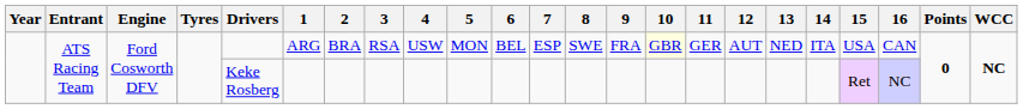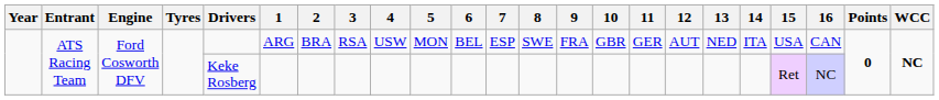 <table class="wikitable" style="text-align:center; font-size:90%">
 <tr>
 <th>Year</th>
 <th>Entrant</th>
 <th>Engine</th>
 <th>Tyres</th>
 <th>Drivers</th>
 <th>1</th>
 <th>2</th>
 <th>3</th>
 <th>4</th>
 <th>5</th>
 <th>6</th>
 <th>7</th>
 <th>8</th>
 <th>9</th>
 <th>10</th>
 <th>11</th>
 <th>12</th>
 <th>13</th>
 <th>14</th>
 <th>15</th>
 <th>16</th>
 <th>Points</th>
 <th>WCC</th>
 </tr>
 <tr>
 <td rowspan="2"></td>
 <td rowspan="2"><a href='#'>ATS Racing Team</a></td>
 <td rowspan="2"><a href='#'>Ford</a> <a href='#'>Cosworth DFV</a></td>
 <td rowspan="2"></td>
 <td></td>
 <td><a href='#'>ARG</a></td>
 <td><a href='#'>BRA</a></td>
 <td><a href='#'>RSA</a></td>
 <td><a href='#'>USW</a></td>
 <td><a href='#'>MON</a></td>
 <td><a href='#'>BEL</a></td>
 <td><a href='#'>ESP</a></td>
 <td><a href='#'>SWE</a></td>
 <td><a href='#'>FRA</a></td>
-<td style="background: lightyellow;"><a href='#'>GBR</a></td>
+<td><a href='#'>GBR</a></td>
 <td><a href='#'>GER</a></td>
 <td><a href='#'>AUT</a></td>
 <td><a href='#'>NED</a></td>
 <td><a href='#'>ITA</a></td>
 <td><a href='#'>USA</a></td>
 <td><a href='#'>CAN</a></td>
 <td rowspan="2"><strong>0</strong></td>
 <td rowspan="2"><strong>NC</strong></td>
 </tr>
 <tr>
 <td align="left"> <a href='#'>Keke Rosberg</a></td>
 <td></td>
 <td></td>
 <td></td>
 <td></td>
 <td></td>
 <td></td>
 <td></td>
 <td></td>
 <td></td>
 <td></td>
 <td></td>
 <td></td>
 <td></td>
 <td></td>
 <td style="background:#EFCFFF;">Ret</td>
 <td style="background:#CFCFFF;">NC</td>
 </tr>
 </table>
